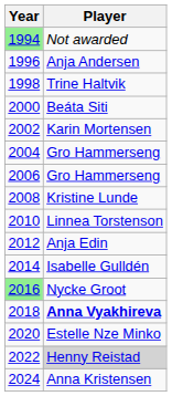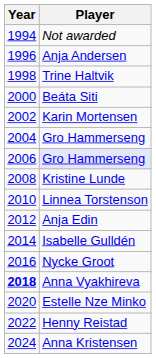 <table class="wikitable">
 <tr>
 <th>Year</th>
 <th>Player</th>
 </tr>
 <tr>
-<td style="background: lightgreen;"><a href='#'>1994</a></td>
+<td><a href='#'>1994</a></td>
 <td><em>Not awarded</em></td>
 </tr>
 <tr>
 <td><a href='#'>1996</a></td>
 <td> <a href='#'>Anja Andersen</a></td>
 </tr>
 <tr>
 <td><a href='#'>1998</a></td>
 <td> <a href='#'>Trine Haltvik</a></td>
 </tr>
 <tr>
 <td><a href='#'>2000</a></td>
 <td> <a href='#'>Beáta Siti</a></td>
 </tr>
 <tr>
 <td><a href='#'>2002</a></td>
 <td> <a href='#'>Karin Mortensen</a></td>
 </tr>
 <tr>
 <td><a href='#'>2004</a></td>
 <td> <a href='#'>Gro Hammerseng</a></td>
 </tr>
 <tr>
 <td><a href='#'>2006</a></td>
-<td> <a href='#'>Gro Hammerseng</a></td>
+<td style="background: lavender;"> <a href='#'>Gro Hammerseng</a></td>
 </tr>
 <tr>
 <td><a href='#'>2008</a></td>
 <td> <a href='#'>Kristine Lunde</a></td>
 </tr>
 <tr>
 <td><a href='#'>2010</a></td>
 <td> <a href='#'>Linnea Torstenson</a></td>
 </tr>
 <tr>
 <td><a href='#'>2012</a></td>
 <td> <a href='#'>Anja Edin</a></td>
 </tr>
 <tr>
 <td><a href='#'>2014</a></td>
 <td> <a href='#'>Isabelle Gulldén</a></td>
 </tr>
 <tr>
-<td style="background: lightgreen;"><a href='#'>2016</a></td>
+<td><a href='#'>2016</a></td>
 <td> <a href='#'>Nycke Groot</a></td>
 </tr>
 <tr>
-<td><a href='#'>2018</a></td>
-<td><strong> <a href='#'>Anna Vyakhireva</a></strong></td>
+<td><strong><a href='#'>2018</a></strong></td>
+<td> <a href='#'>Anna Vyakhireva</a></td>
 </tr>
 <tr>
 <td><a href='#'>2020</a></td>
 <td> <a href='#'>Estelle Nze Minko</a></td>
 </tr>
 <tr>
 <td><a href='#'>2022</a></td>
-<td style="background: lightgrey;"> <a href='#'>Henny Reistad</a></td>
+<td> <a href='#'>Henny Reistad</a></td>
 </tr>
 <tr>
 <td><a href='#'>2024</a></td>
 <td> <a href='#'>Anna Kristensen</a></td>
 </tr>
 </table>
